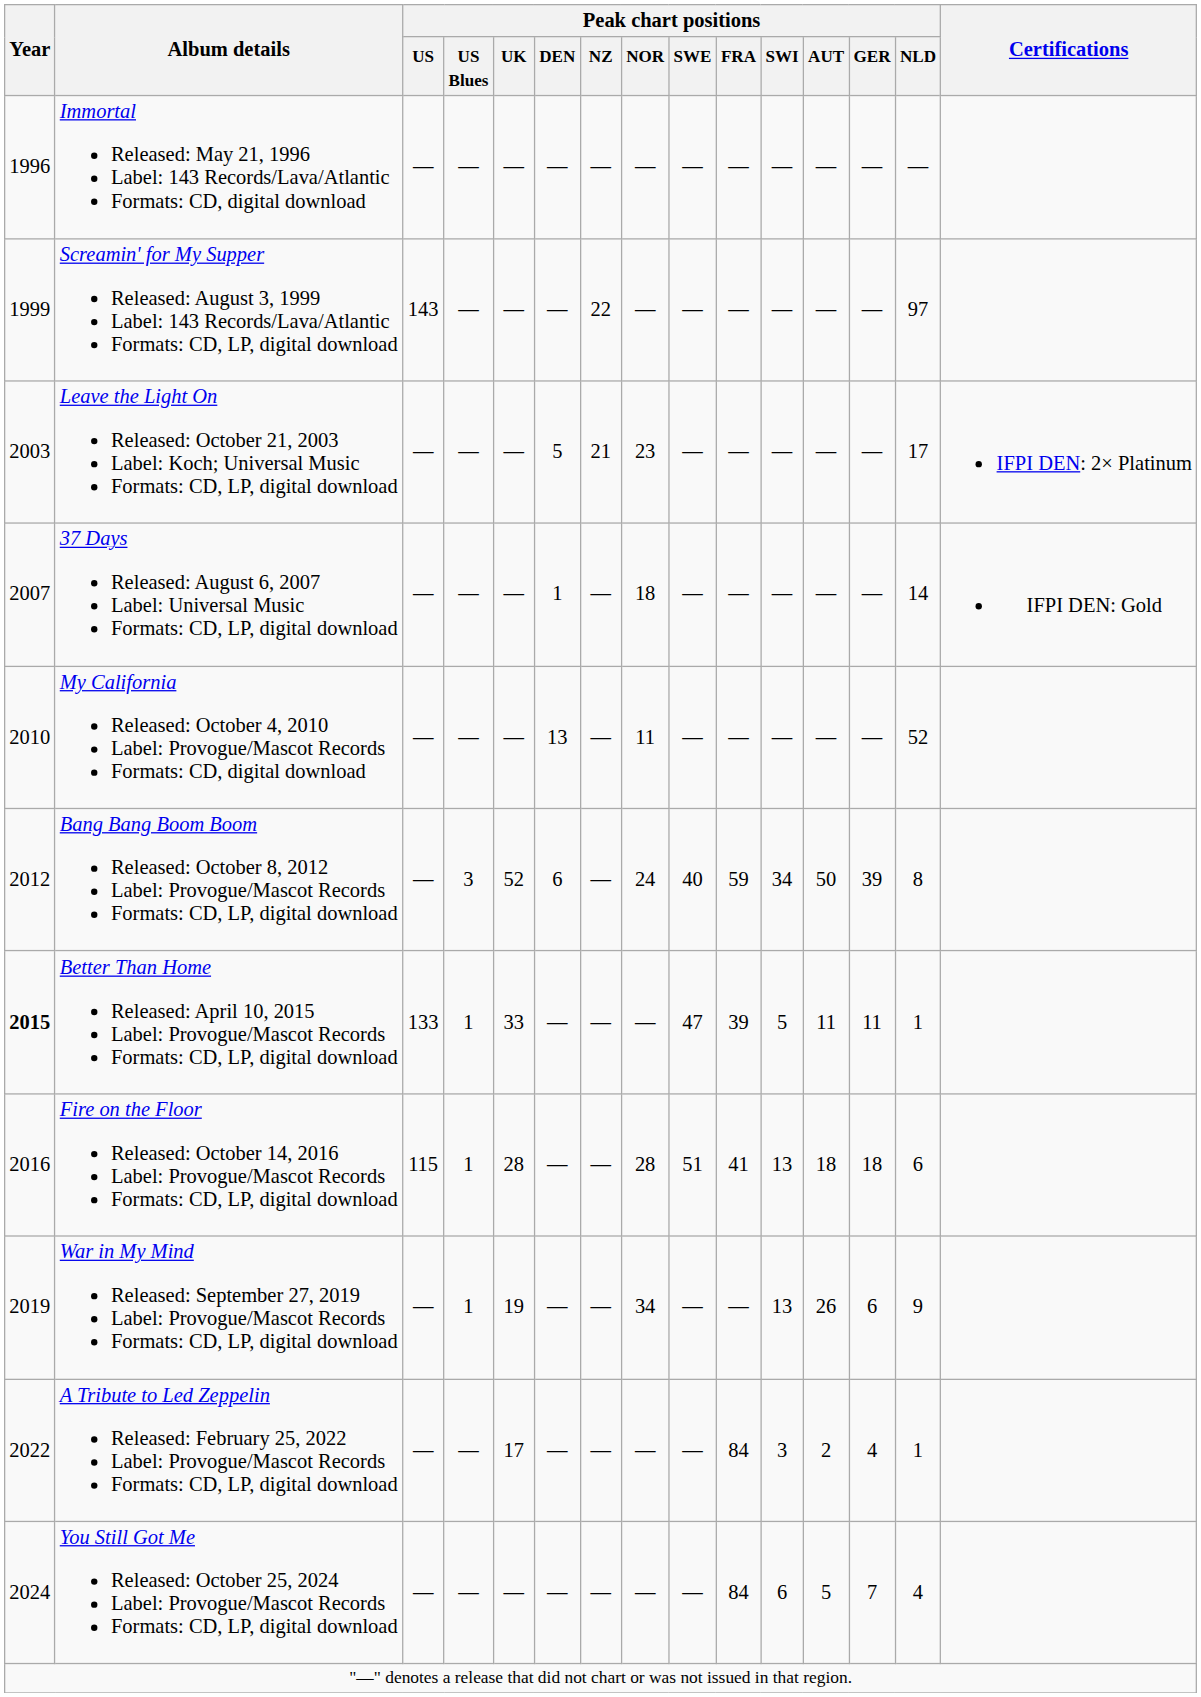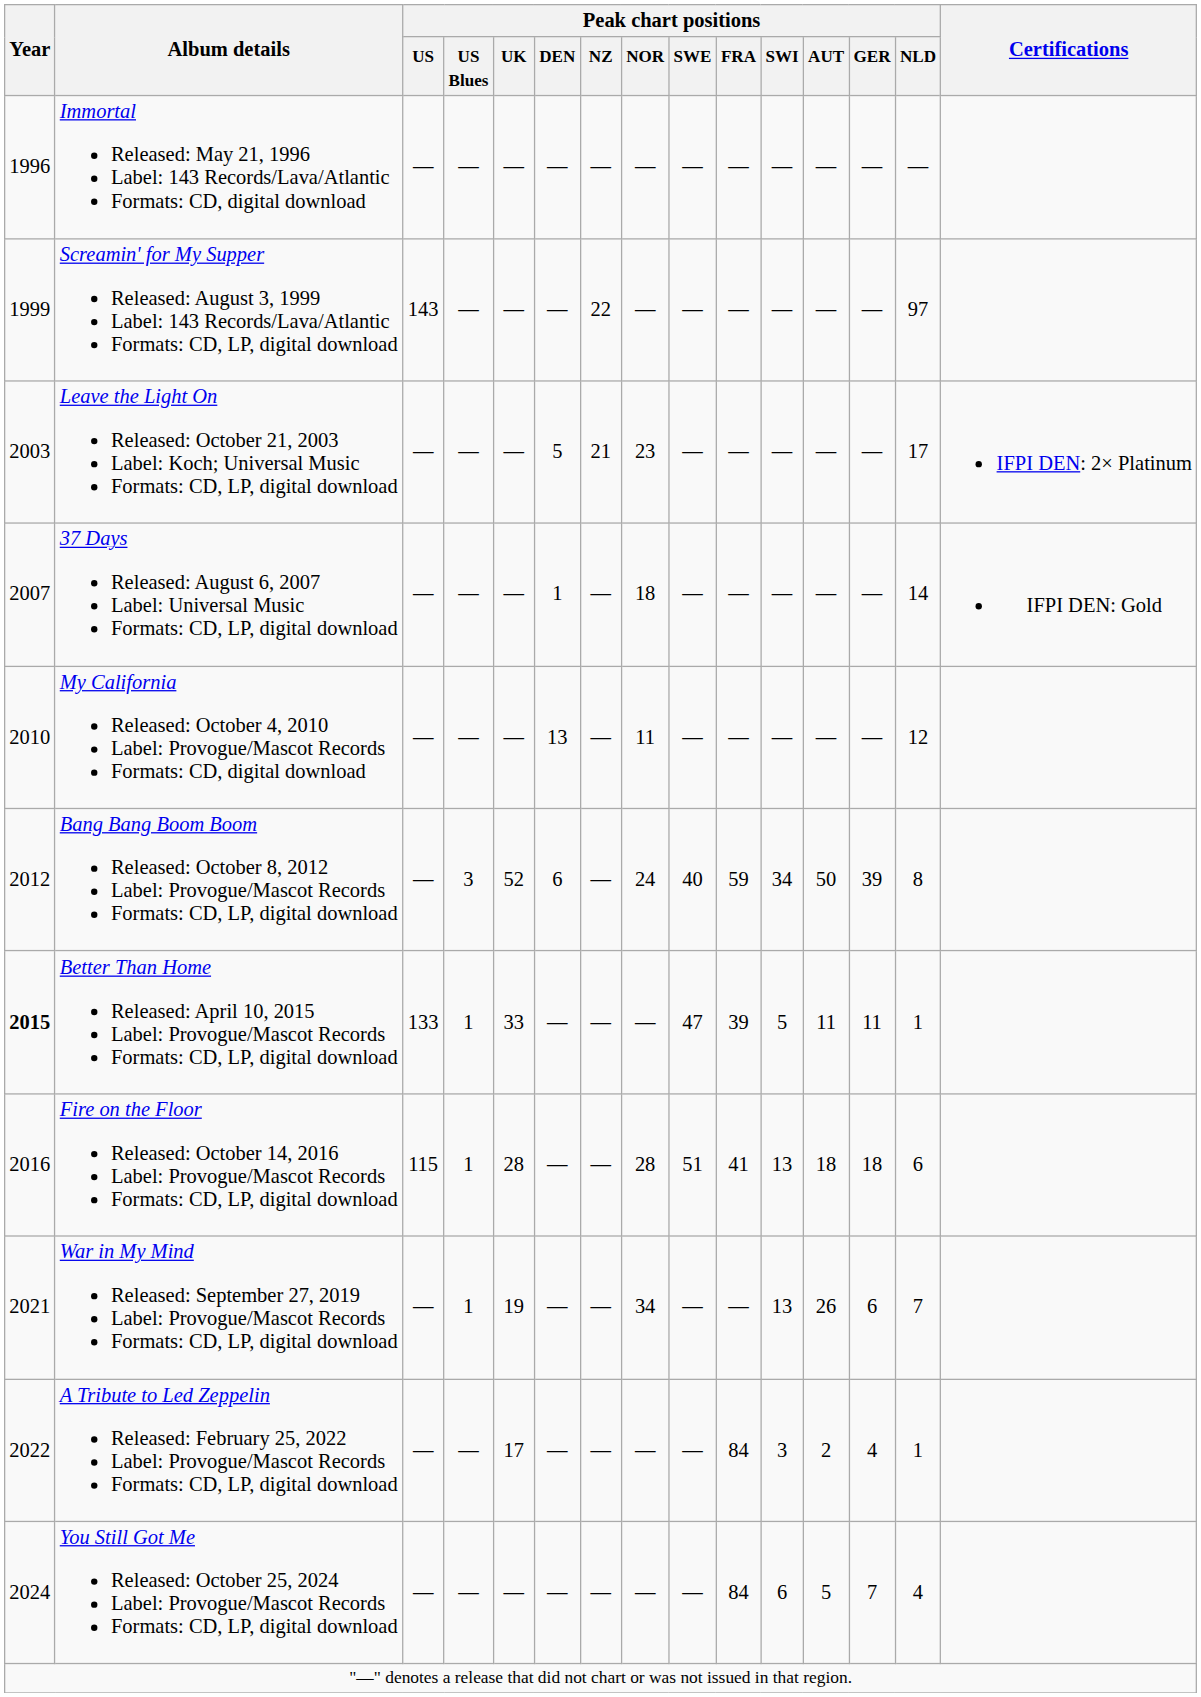 <table class=wikitable style=text-align:center;>
 <tr>
 <th scope="col" rowspan=2>Year</th>
 <th scope="col" rowspan=2>Album details</th>
 <th scope="col" colspan=12>Peak chart positions</th>
 <th scope="col" rowspan=2><a href='#'>Certifications</a></th>
 </tr>
 <tr style="vertical-align:top;line-height:1.2">
 <th scope="col" width=25px><small>US</small><br></th>
 <th scope="col" width=25px><small>US Blues</small><br></th>
 <th scope="col" width=25px><small>UK</small><br></th>
 <th scope="col" width=25px><small>DEN</small><br></th>
 <th scope="col" width=25px><small>NZ</small><br></th>
 <th scope="col" width=25px><small>NOR</small><br></th>
 <th scope="col" width=25px><small>SWE</small><br></th>
 <th scope="col" width=25px><small>FRA</small><br></th>
 <th scope="col" width=25px><small>SWI</small><br></th>
 <th scope="col" width=25px><small>AUT</small><br></th>
 <th scope="col" width=25px><small>GER</small><br></th>
 <th scope="col" width=25px><small>NLD</small><br></th>
 </tr>
 <tr>
 <td>1996</td>
 <td align=left><em><a href='#'>Immortal</a></em><br><ul><li>Released: May 21, 1996</li><li>Label: 143 Records/Lava/Atlantic</li><li>Formats: CD, digital download</li></ul></td>
 <td>—</td>
 <td>—</td>
 <td>—</td>
 <td>—</td>
 <td>—</td>
 <td>—</td>
 <td>—</td>
 <td>—</td>
 <td>—</td>
 <td>—</td>
 <td>—</td>
 <td>—</td>
 <td></td>
 </tr>
 <tr>
 <td>1999</td>
 <td align=left><em><a href='#'>Screamin' for My Supper</a></em><br><ul><li>Released: August 3, 1999</li><li>Label: 143 Records/Lava/Atlantic</li><li>Formats: CD, LP, digital download</li></ul></td>
 <td>143</td>
 <td>—</td>
 <td>—</td>
 <td>—</td>
 <td>22</td>
 <td>—</td>
 <td>—</td>
 <td>—</td>
 <td>—</td>
 <td>—</td>
 <td>—</td>
 <td>97</td>
 <td></td>
 </tr>
 <tr>
 <td>2003</td>
 <td align=left><em><a href='#'>Leave the Light On</a></em><br><ul><li>Released: October 21, 2003</li><li>Label: Koch; Universal Music</li><li>Formats: CD, LP, digital download</li></ul></td>
 <td>—</td>
 <td>—</td>
 <td>—</td>
 <td>5</td>
 <td>21</td>
 <td>23</td>
 <td>—</td>
 <td>—</td>
 <td>—</td>
 <td>—</td>
 <td>—</td>
 <td>17</td>
 <td><br><ul><li><a href='#'>IFPI DEN</a>: 2× Platinum</li></ul></td>
 </tr>
 <tr>
 <td>2007</td>
 <td align=left><em><a href='#'>37 Days</a></em><br><ul><li>Released: August 6, 2007</li><li>Label: Universal Music</li><li>Formats: CD, LP, digital download</li></ul></td>
 <td>—</td>
 <td>—</td>
 <td>—</td>
 <td>1</td>
 <td>—</td>
 <td>18</td>
 <td>—</td>
 <td>—</td>
 <td>—</td>
 <td>—</td>
 <td>—</td>
 <td>14</td>
 <td><br><ul><li>IFPI DEN: Gold</li></ul></td>
 </tr>
 <tr>
 <td>2010</td>
 <td align=left><em><a href='#'>My California</a></em><br><ul><li>Released: October 4, 2010</li><li>Label: Provogue/Mascot Records</li><li>Formats: CD, digital download</li></ul></td>
 <td>—</td>
 <td>—</td>
 <td>—</td>
 <td>13</td>
 <td>—</td>
 <td>11</td>
 <td>—</td>
 <td>—</td>
 <td>—</td>
 <td>—</td>
 <td>—</td>
-<td>52</td>
+<td>12</td>
 <td></td>
 </tr>
 <tr>
 <td>2012</td>
 <td align=left><em><a href='#'>Bang Bang Boom Boom</a></em><br><ul><li>Released: October 8, 2012</li><li>Label: Provogue/Mascot Records</li><li>Formats: CD, LP, digital download</li></ul></td>
 <td>—</td>
 <td>3</td>
 <td>52</td>
 <td>6</td>
 <td>—</td>
 <td>24</td>
 <td>40</td>
 <td>59</td>
 <td>34</td>
 <td>50</td>
 <td>39</td>
 <td>8</td>
 <td></td>
 </tr>
 <tr>
 <td><strong>2015</strong></td>
 <td align=left><em><a href='#'>Better Than Home</a></em><br><ul><li>Released: April 10, 2015</li><li>Label: Provogue/Mascot Records</li><li>Formats: CD, LP, digital download</li></ul></td>
 <td>133</td>
 <td>1</td>
 <td>33</td>
 <td>—</td>
 <td>—</td>
 <td>—</td>
 <td>47</td>
 <td>39</td>
 <td>5</td>
 <td>11</td>
 <td>11</td>
 <td>1</td>
 <td></td>
 </tr>
 <tr>
 <td>2016</td>
 <td align=left><em><a href='#'>Fire on the Floor</a></em><br><ul><li>Released: October 14, 2016</li><li>Label: Provogue/Mascot Records</li><li>Formats: CD, LP, digital download</li></ul></td>
 <td>115</td>
 <td>1</td>
 <td>28</td>
 <td>—</td>
 <td>—</td>
 <td>28<br></td>
 <td>51<br></td>
 <td>41</td>
 <td>13</td>
 <td>18</td>
 <td>18</td>
 <td>6</td>
 <td></td>
 </tr>
 <tr>
-<td>2019</td>
+<td>2021</td>
 <td align=left><em><a href='#'>War in My Mind</a></em><br><ul><li>Released: September 27, 2019</li><li>Label: Provogue/Mascot Records</li><li>Formats: CD, LP, digital download</li></ul></td>
 <td>—</td>
 <td>1</td>
 <td>19</td>
 <td>—</td>
 <td>—</td>
 <td>34<br></td>
 <td>—</td>
 <td>—</td>
 <td>13</td>
 <td>26</td>
 <td>6</td>
-<td>9</td>
+<td>7</td>
 <td></td>
 </tr>
 <tr>
 <td>2022</td>
 <td align=left><em><a href='#'>A Tribute to Led Zeppelin</a></em><br><ul><li>Released: February 25, 2022</li><li>Label: Provogue/Mascot Records</li><li>Formats: CD, LP, digital download</li></ul></td>
 <td>—</td>
 <td>—</td>
 <td>17</td>
 <td>—</td>
 <td>—</td>
 <td>—</td>
 <td>—</td>
 <td>84<br></td>
 <td>3</td>
 <td>2</td>
 <td>4</td>
 <td>1</td>
 <td></td>
 </tr>
 <tr>
 <td>2024</td>
 <td align=left><em><a href='#'>You Still Got Me</a></em><br><ul><li>Released: October 25, 2024</li><li>Label: Provogue/Mascot Records</li><li>Formats: CD, LP, digital download</li></ul></td>
 <td>—</td>
 <td>—</td>
 <td>—</td>
 <td>—</td>
 <td>—</td>
 <td>—</td>
 <td>—</td>
 <td>84<br></td>
 <td>6</td>
 <td>5</td>
 <td>7</td>
 <td>4</td>
 </tr>
 <tr>
 <td colspan=25 style=font-size:85%;>"—" denotes a release that did not chart or was not issued in that region.</td>
 </tr>
 </table>
